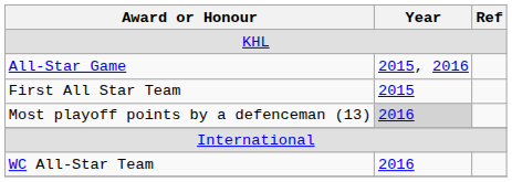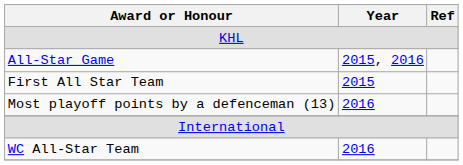 <table class="wikitable">
 <tr>
 <th>Award or Honour</th>
 <th>Year</th>
 <th>Ref</th>
 </tr>
 <tr ALIGN="center" bgcolor="#e0e0e0">
 <td colspan="3"><a href='#'>KHL</a></td>
 </tr>
 <tr>
 <td><a href='#'>All-Star Game</a></td>
 <td><a href='#'>2015</a>, <a href='#'>2016</a></td>
 <td></td>
 </tr>
 <tr>
 <td>First All Star Team</td>
 <td><a href='#'>2015</a></td>
 <td></td>
 </tr>
 <tr>
 <td>Most playoff points by a defenceman (13)</td>
-<td style="background: lightgrey;"><a href='#'>2016</a></td>
+<td><a href='#'>2016</a></td>
 <td></td>
 </tr>
 <tr>
 </tr>
 <tr ALIGN="center" bgcolor="#e0e0e0">
 <td colspan="3"><a href='#'>International</a></td>
 </tr>
 <tr>
 <td><a href='#'>WC</a> All-Star Team</td>
 <td><a href='#'>2016</a></td>
 <td></td>
 </tr>
 <tr>
 </tr>
 </table>
